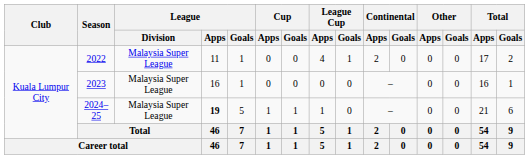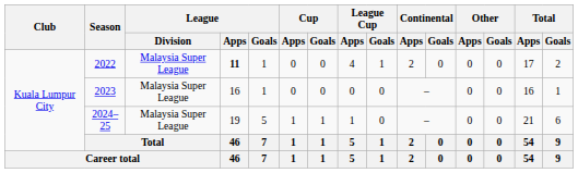 <table class=wikitable style=text-align:center>
 <tr>
 <th rowspan="2">Club</th>
 <th rowspan="2">Season</th>
 <th colspan="3">League</th>
 <th colspan="2">Cup</th>
 <th colspan="2">League Cup</th>
 <th colspan="2">Continental</th>
 <th colspan="2">Other</th>
 <th colspan="2">Total</th>
 </tr>
 <tr>
 <th>Division</th>
 <th>Apps</th>
 <th>Goals</th>
 <th>Apps</th>
 <th>Goals</th>
 <th>Apps</th>
 <th>Goals</th>
 <th>Apps</th>
 <th>Goals</th>
 <th>Apps</th>
 <th>Goals</th>
 <th>Apps</th>
 <th>Goals</th>
 </tr>
 <tr>
 <td rowspan="4" valign="center"><a href='#'>Kuala Lumpur City</a></td>
 <td><a href='#'>2022</a></td>
 <td><a href='#'>Malaysia Super League</a></td>
-<td>11</td>
+<td><strong>11</strong></td>
 <td>1</td>
 <td>0</td>
 <td>0</td>
 <td>4</td>
 <td>1</td>
 <td>2</td>
 <td>0</td>
 <td>0</td>
 <td>0</td>
 <td>17</td>
 <td>2</td>
 </tr>
 <tr>
 <td><a href='#'>2023</a></td>
 <td>Malaysia Super League</td>
 <td>16</td>
 <td>1</td>
 <td>0</td>
 <td>0</td>
 <td>0</td>
 <td>0</td>
 <td colspan="2">–</td>
 <td>0</td>
 <td>0</td>
 <td>16</td>
 <td>1</td>
 </tr>
 <tr>
 <td><a href='#'>2024–25</a></td>
 <td>Malaysia Super League</td>
-<td><strong>19</strong></td>
+<td>19</td>
 <td>5</td>
 <td>1</td>
 <td>1</td>
 <td>1</td>
 <td>0</td>
 <td colspan="2">–</td>
 <td>0</td>
 <td>0</td>
 <td>21</td>
 <td>6</td>
 </tr>
 <tr>
 <th colspan="2">Total</th>
 <th>46</th>
 <th>7</th>
 <th>1</th>
 <th>1</th>
 <th>5</th>
 <th>1</th>
 <th>2</th>
 <th>0</th>
 <th>0</th>
 <th>0</th>
 <th>54</th>
 <th>9</th>
 </tr>
 <tr>
 <th colspan=3>Career total</th>
 <th>46</th>
 <th>7</th>
 <th>1</th>
 <th>1</th>
 <th>5</th>
 <th>1</th>
 <th>2</th>
 <th>0</th>
 <th>0</th>
 <th>0</th>
 <th>54</th>
 <th>9</th>
 </tr>
 </table>
